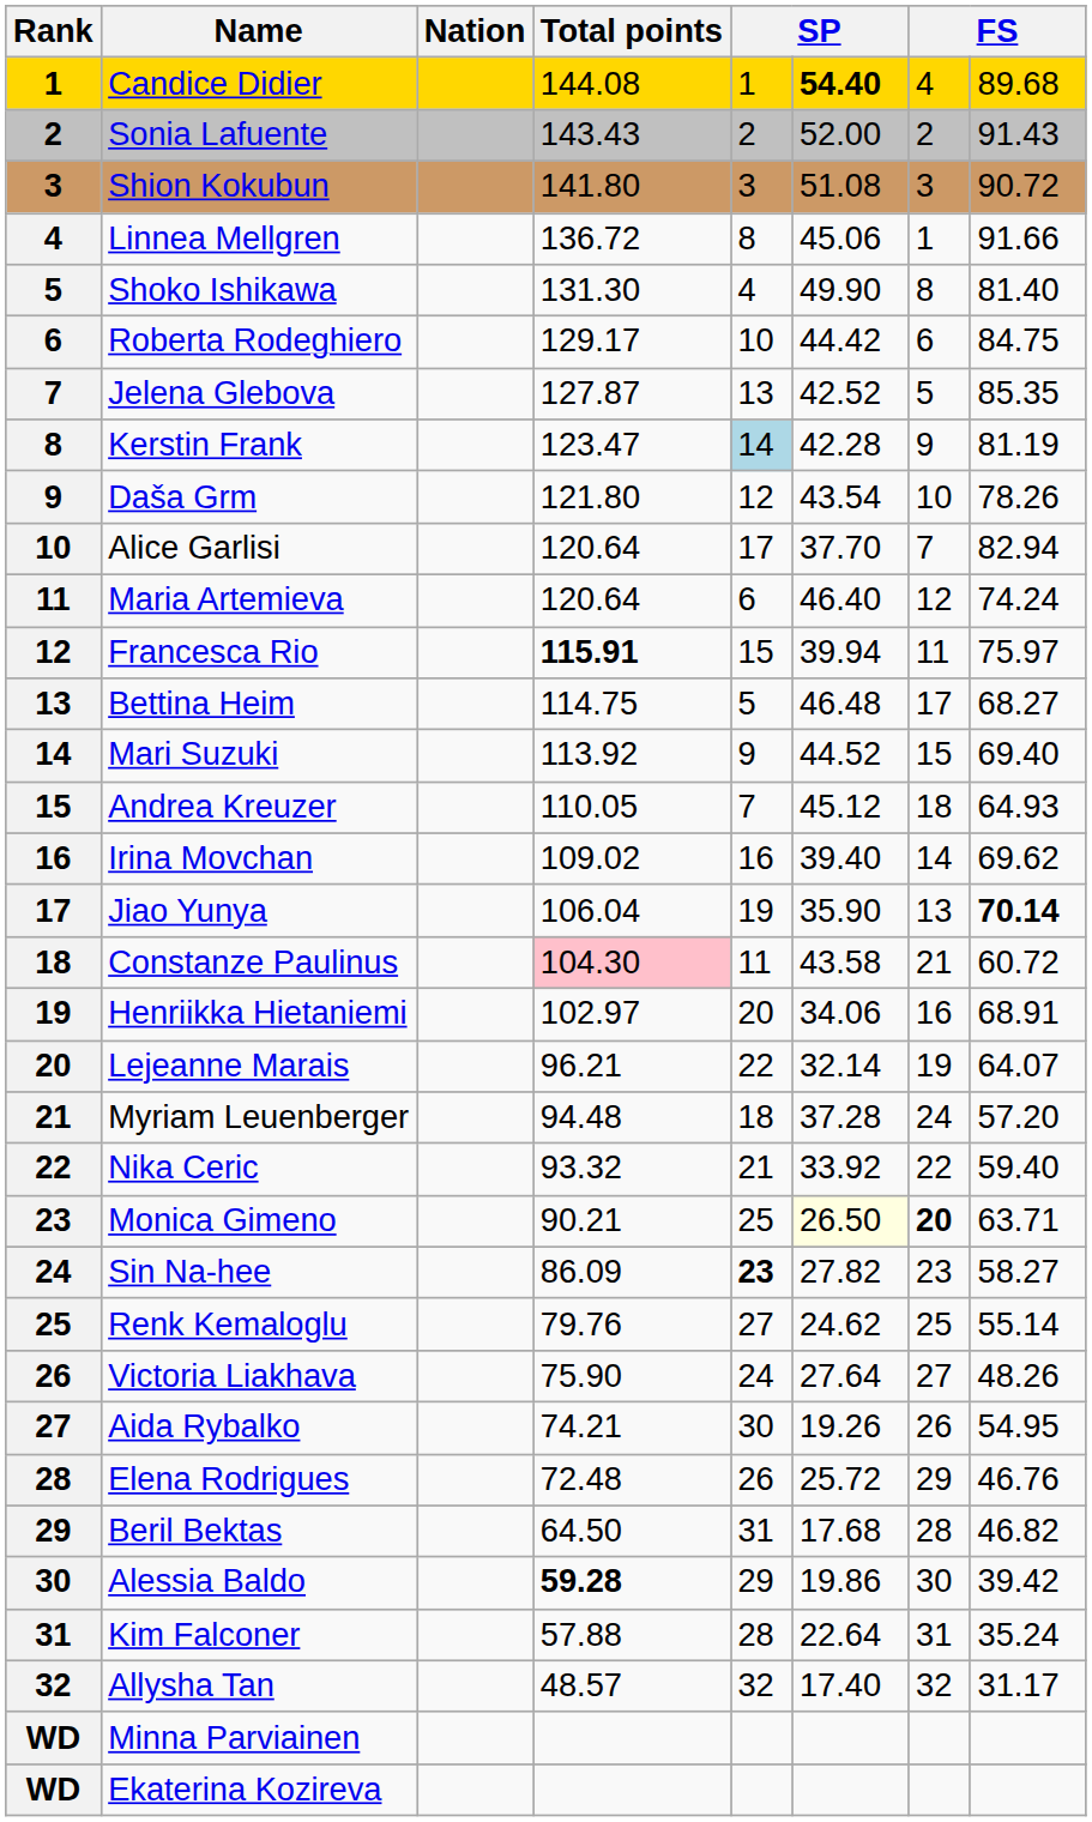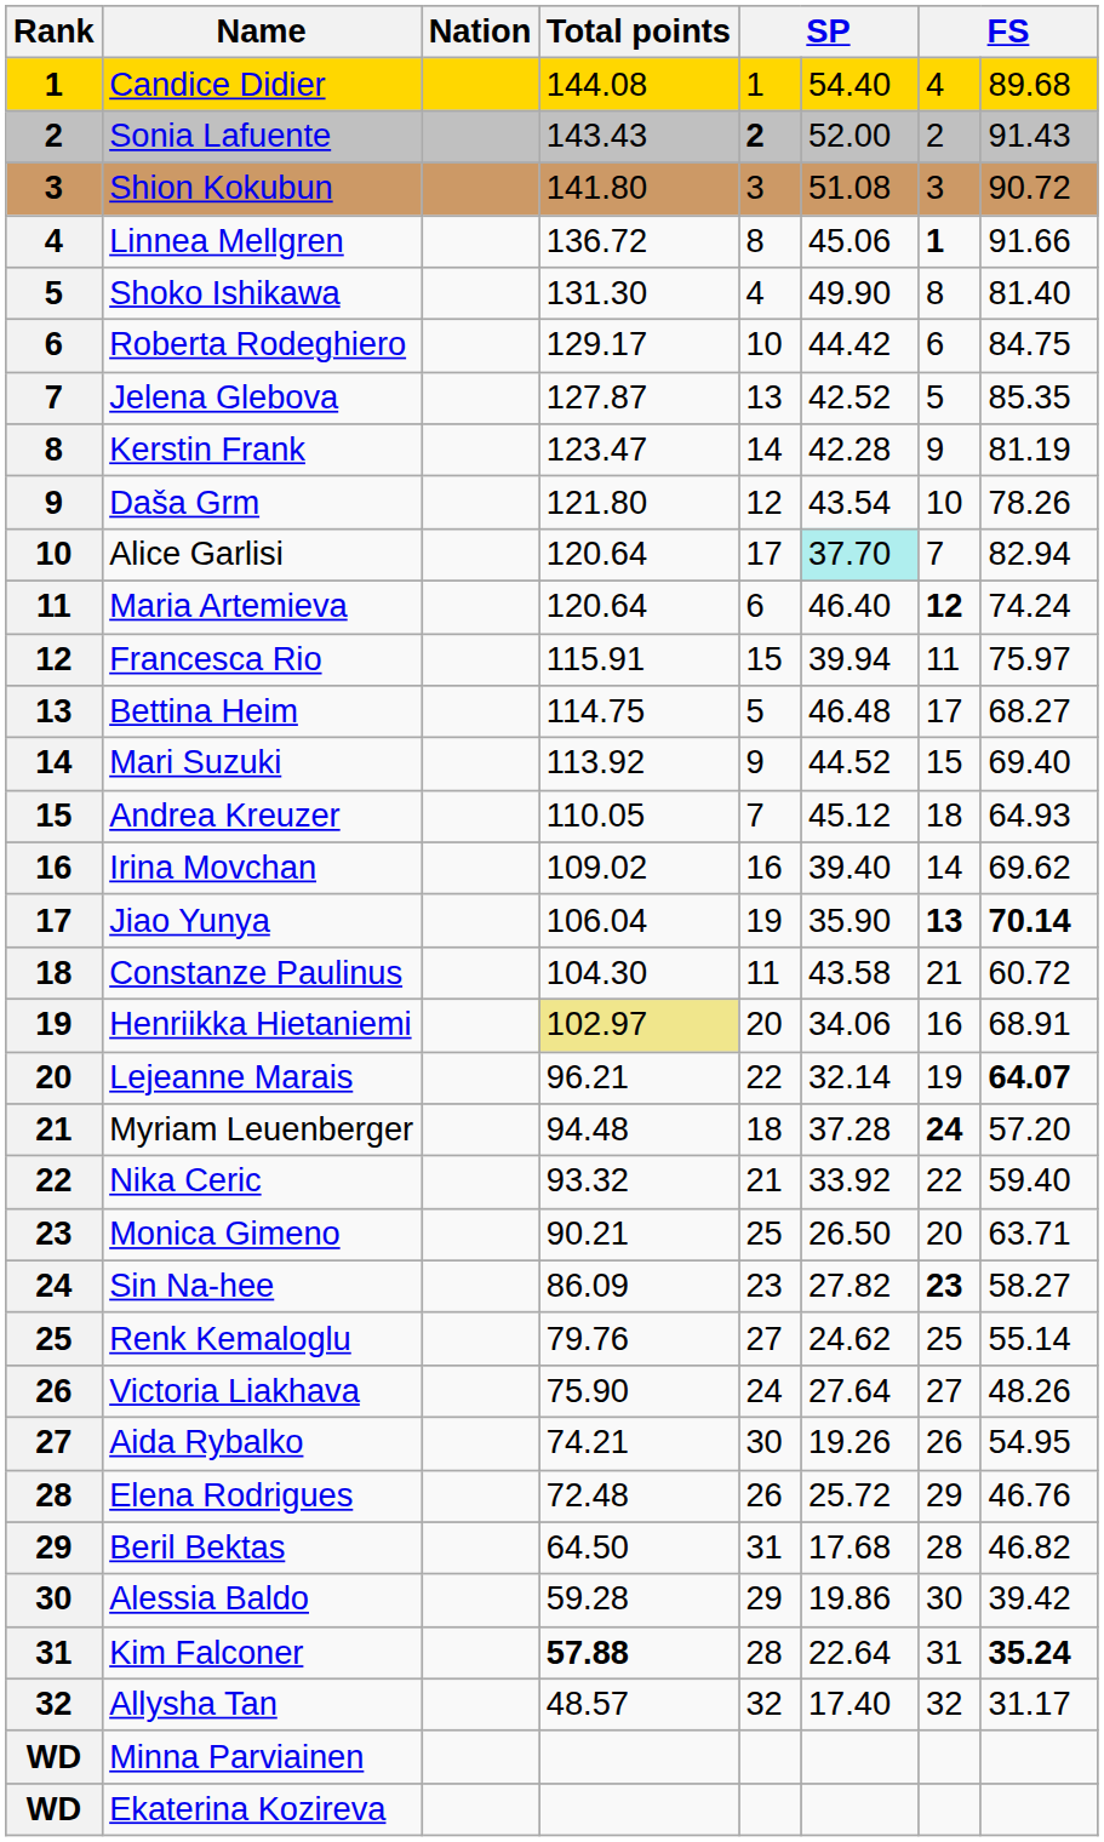 <table class="wikitable">
 <tr>
 <th>Rank</th>
 <th>Name</th>
 <th>Nation</th>
 <th>Total points</th>
 <th colspan="2" width="80px"><a href='#'>SP</a></th>
 <th colspan="2" width="80px"><a href='#'>FS</a></th>
 </tr>
 <tr bgcolor="gold">
 <td align="center"><strong>1</strong></td>
 <td><a href='#'>Candice Didier</a></td>
 <td></td>
 <td>144.08</td>
 <td>1</td>
-<td><strong>54.40</strong></td>
+<td>54.40</td>
 <td>4</td>
 <td>89.68</td>
 </tr>
 <tr bgcolor="silver">
 <td align="center"><strong>2</strong></td>
 <td><a href='#'>Sonia Lafuente</a></td>
 <td></td>
 <td>143.43</td>
-<td>2</td>
+<td><strong>2</strong></td>
 <td>52.00</td>
 <td>2</td>
 <td>91.43</td>
 </tr>
 <tr bgcolor="cc9966">
 <td align="center"><strong>3</strong></td>
 <td><a href='#'>Shion Kokubun</a></td>
 <td></td>
 <td>141.80</td>
 <td>3</td>
 <td>51.08</td>
 <td>3</td>
 <td>90.72</td>
 </tr>
 <tr>
 <th>4</th>
 <td><a href='#'>Linnea Mellgren</a></td>
 <td></td>
 <td>136.72</td>
 <td>8</td>
 <td>45.06</td>
-<td>1</td>
+<td><strong>1</strong></td>
 <td>91.66</td>
 </tr>
 <tr>
 <th>5</th>
 <td><a href='#'>Shoko Ishikawa</a></td>
 <td></td>
 <td>131.30</td>
 <td>4</td>
 <td>49.90</td>
 <td>8</td>
 <td>81.40</td>
 </tr>
 <tr>
 <th>6</th>
 <td><a href='#'>Roberta Rodeghiero</a></td>
 <td></td>
 <td>129.17</td>
 <td>10</td>
 <td>44.42</td>
 <td>6</td>
 <td>84.75</td>
 </tr>
 <tr>
 <th>7</th>
 <td><a href='#'>Jelena Glebova</a></td>
 <td></td>
 <td>127.87</td>
 <td>13</td>
 <td>42.52</td>
 <td>5</td>
 <td>85.35</td>
 </tr>
 <tr>
 <th>8</th>
 <td><a href='#'>Kerstin Frank</a></td>
 <td></td>
 <td>123.47</td>
-<td style="background: lightblue;">14</td>
+<td>14</td>
 <td>42.28</td>
 <td>9</td>
 <td>81.19</td>
 </tr>
 <tr>
 <th>9</th>
 <td><a href='#'>Daša Grm</a></td>
 <td></td>
 <td>121.80</td>
 <td>12</td>
 <td>43.54</td>
 <td>10</td>
 <td>78.26</td>
 </tr>
 <tr>
 <th>10</th>
 <td>Alice Garlisi</td>
 <td></td>
 <td>120.64</td>
 <td>17</td>
-<td>37.70</td>
+<td style="background: paleturquoise;">37.70</td>
 <td>7</td>
 <td>82.94</td>
 </tr>
 <tr>
 <th>11</th>
 <td><a href='#'>Maria Artemieva</a></td>
 <td></td>
 <td>120.64</td>
 <td>6</td>
 <td>46.40</td>
-<td>12</td>
+<td><strong>12</strong></td>
 <td>74.24</td>
 </tr>
 <tr>
 <th>12</th>
 <td><a href='#'>Francesca Rio</a></td>
 <td></td>
-<td><strong>115.91</strong></td>
+<td>115.91</td>
 <td>15</td>
 <td>39.94</td>
 <td>11</td>
 <td>75.97</td>
 </tr>
 <tr>
 <th>13</th>
 <td><a href='#'>Bettina Heim</a></td>
 <td></td>
 <td>114.75</td>
 <td>5</td>
 <td>46.48</td>
 <td>17</td>
 <td>68.27</td>
 </tr>
 <tr>
 <th>14</th>
 <td><a href='#'>Mari Suzuki</a></td>
 <td></td>
 <td>113.92</td>
 <td>9</td>
 <td>44.52</td>
 <td>15</td>
 <td>69.40</td>
 </tr>
 <tr>
 <th>15</th>
 <td><a href='#'>Andrea Kreuzer</a></td>
 <td></td>
 <td>110.05</td>
 <td>7</td>
 <td>45.12</td>
 <td>18</td>
 <td>64.93</td>
 </tr>
 <tr>
 <th>16</th>
 <td><a href='#'>Irina Movchan</a></td>
 <td></td>
 <td>109.02</td>
 <td>16</td>
 <td>39.40</td>
 <td>14</td>
 <td>69.62</td>
 </tr>
 <tr>
 <th>17</th>
 <td><a href='#'>Jiao Yunya</a></td>
 <td></td>
 <td>106.04</td>
 <td>19</td>
 <td>35.90</td>
-<td>13</td>
+<td><strong>13</strong></td>
 <td><strong>70.14</strong></td>
 </tr>
 <tr>
 <th>18</th>
 <td><a href='#'>Constanze Paulinus</a></td>
 <td></td>
-<td style="background: pink;">104.30</td>
+<td>104.30</td>
 <td>11</td>
 <td>43.58</td>
 <td>21</td>
 <td>60.72</td>
 </tr>
 <tr>
 <th>19</th>
 <td><a href='#'>Henriikka Hietaniemi</a></td>
 <td></td>
-<td>102.97</td>
+<td style="background: khaki;">102.97</td>
 <td>20</td>
 <td>34.06</td>
 <td>16</td>
 <td>68.91</td>
 </tr>
 <tr>
 <th>20</th>
 <td><a href='#'>Lejeanne Marais</a></td>
 <td></td>
 <td>96.21</td>
 <td>22</td>
 <td>32.14</td>
 <td>19</td>
-<td>64.07</td>
+<td><strong>64.07</strong></td>
 </tr>
 <tr>
 <th>21</th>
 <td>Myriam Leuenberger</td>
 <td></td>
 <td>94.48</td>
 <td>18</td>
 <td>37.28</td>
-<td>24</td>
+<td><strong>24</strong></td>
 <td>57.20</td>
 </tr>
 <tr>
 <th>22</th>
 <td><a href='#'>Nika Ceric</a></td>
 <td></td>
 <td>93.32</td>
 <td>21</td>
 <td>33.92</td>
 <td>22</td>
 <td>59.40</td>
 </tr>
 <tr>
 <th>23</th>
 <td><a href='#'>Monica Gimeno</a></td>
 <td></td>
 <td>90.21</td>
 <td>25</td>
-<td style="background: lightyellow;">26.50</td>
-<td><strong>20</strong></td>
+<td>26.50</td>
+<td>20</td>
 <td>63.71</td>
 </tr>
 <tr>
 <th>24</th>
 <td><a href='#'>Sin Na-hee</a></td>
 <td></td>
 <td>86.09</td>
+<td>23</td>
+<td>27.82</td>
 <td><strong>23</strong></td>
-<td>27.82</td>
-<td>23</td>
 <td>58.27</td>
 </tr>
 <tr>
 <th>25</th>
 <td><a href='#'>Renk Kemaloglu</a></td>
 <td></td>
 <td>79.76</td>
 <td>27</td>
 <td>24.62</td>
 <td>25</td>
 <td>55.14</td>
 </tr>
 <tr>
 <th>26</th>
 <td><a href='#'>Victoria Liakhava</a></td>
 <td></td>
 <td>75.90</td>
 <td>24</td>
 <td>27.64</td>
 <td>27</td>
 <td>48.26</td>
 </tr>
 <tr>
 <th>27</th>
 <td><a href='#'>Aida Rybalko</a></td>
 <td></td>
 <td>74.21</td>
 <td>30</td>
 <td>19.26</td>
 <td>26</td>
 <td>54.95</td>
 </tr>
 <tr>
 <th>28</th>
 <td><a href='#'>Elena Rodrigues</a></td>
 <td></td>
 <td>72.48</td>
 <td>26</td>
 <td>25.72</td>
 <td>29</td>
 <td>46.76</td>
 </tr>
 <tr>
 <th>29</th>
 <td><a href='#'>Beril Bektas</a></td>
 <td></td>
 <td>64.50</td>
 <td>31</td>
 <td>17.68</td>
 <td>28</td>
 <td>46.82</td>
 </tr>
 <tr>
 <th>30</th>
 <td><a href='#'>Alessia Baldo</a></td>
 <td></td>
-<td><strong>59.28</strong></td>
+<td>59.28</td>
 <td>29</td>
 <td>19.86</td>
 <td>30</td>
 <td>39.42</td>
 </tr>
 <tr>
 <th>31</th>
 <td><a href='#'>Kim Falconer</a></td>
 <td></td>
-<td>57.88</td>
+<td><strong>57.88</strong></td>
 <td>28</td>
 <td>22.64</td>
 <td>31</td>
-<td>35.24</td>
+<td><strong>35.24</strong></td>
 </tr>
 <tr>
 <th>32</th>
 <td><a href='#'>Allysha Tan</a></td>
 <td></td>
 <td>48.57</td>
 <td>32</td>
 <td>17.40</td>
 <td>32</td>
 <td>31.17</td>
 </tr>
 <tr>
 <th>WD</th>
 <td><a href='#'>Minna Parviainen</a></td>
 <td></td>
 <td></td>
 <td></td>
 <td></td>
 <td></td>
 <td></td>
 </tr>
 <tr>
 <th>WD</th>
 <td><a href='#'>Ekaterina Kozireva</a></td>
 <td></td>
 <td></td>
 <td></td>
 <td></td>
 <td></td>
 <td></td>
 </tr>
 </table>
